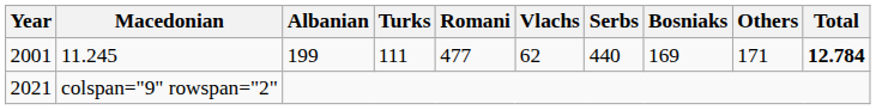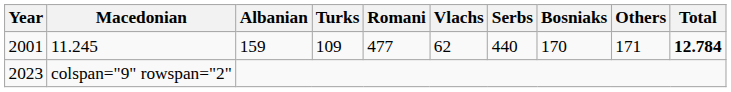 <table class="wikitable">
 <tr>
 <th>Year</th>
 <th>Macedonian</th>
 <th>Albanian</th>
 <th>Turks</th>
 <th>Romani</th>
 <th>Vlachs</th>
 <th>Serbs</th>
 <th>Bosniaks</th>
 <th><abbr>Others</abbr></th>
 <th>Total</th>
 </tr>
 <tr>
 <td>2001</td>
 <td>11.245</td>
-<td>199</td>
-<td>111</td>
+<td>159</td>
+<td>109</td>
 <td>477</td>
 <td>62</td>
 <td>440</td>
-<td>169</td>
+<td>170</td>
 <td>171</td>
 <td><strong>12.784</strong></td>
 </tr>
 <tr>
-<td>2021</td>
+<td>2023</td>
 <td>colspan="9" rowspan="2" </td>
 </tr>
 </table>
